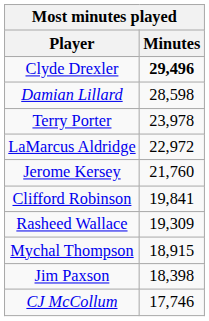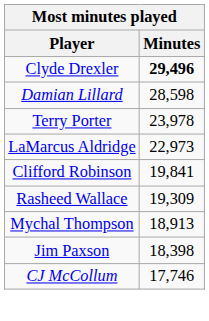 <table class="wikitable sortable" style="text-align:center">
 <tr>
 <th colspan="2" style="text-align:center; ">Most minutes played</th>
 </tr>
 <tr>
 <th style="text-align:center; ">Player</th>
 <th style="text-align:center; ">Minutes</th>
 </tr>
 <tr>
 <td><a href='#'>Clyde Drexler</a></td>
 <td><strong>29,496</strong></td>
 </tr>
 <tr>
 <td><em><a href='#'>Damian Lillard</a></em></td>
 <td>28,598</td>
 </tr>
 <tr>
 <td><a href='#'>Terry Porter</a></td>
 <td>23,978</td>
 </tr>
 <tr>
 <td><a href='#'>LaMarcus Aldridge</a></td>
-<td>22,972</td>
-</tr>
-<tr>
-<td><a href='#'>Jerome Kersey</a></td>
-<td>21,760</td>
+<td>22,973</td>
 </tr>
 <tr>
 <td><a href='#'>Clifford Robinson</a></td>
 <td>19,841</td>
 </tr>
 <tr>
 <td><a href='#'>Rasheed Wallace</a></td>
 <td>19,309</td>
 </tr>
 <tr>
 <td><a href='#'>Mychal Thompson</a></td>
-<td>18,915</td>
+<td>18,913</td>
 </tr>
 <tr>
 <td><a href='#'>Jim Paxson</a></td>
 <td>18,398</td>
 </tr>
 <tr>
 <td><em><a href='#'>CJ McCollum</a></em></td>
 <td>17,746</td>
 </tr>
 </table>
